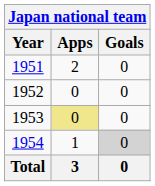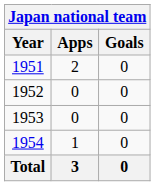 <table class="wikitable" style="text-align:center">
 <tr>
 <th colspan=3><a href='#'>Japan national team</a></th>
 </tr>
 <tr>
 <th>Year</th>
 <th>Apps</th>
 <th>Goals</th>
 </tr>
 <tr>
 <td><a href='#'>1951</a></td>
 <td>2</td>
 <td>0</td>
 </tr>
 <tr>
 <td>1952</td>
 <td>0</td>
 <td>0</td>
 </tr>
 <tr>
 <td>1953</td>
-<td style="background: khaki;">0</td>
+<td>0</td>
 <td>0</td>
 </tr>
 <tr>
 <td><a href='#'>1954</a></td>
 <td>1</td>
-<td style="background: lightgrey;">0</td>
+<td>0</td>
 </tr>
 <tr>
 <th>Total</th>
 <th>3</th>
 <th>0</th>
 </tr>
 </table>
